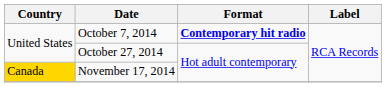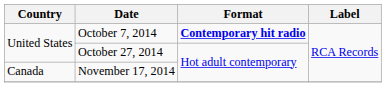 <table class="wikitable">
 <tr>
 <th>Country</th>
 <th>Date</th>
 <th>Format</th>
 <th>Label</th>
 </tr>
 <tr>
 <td rowspan="2">United States</td>
 <td>October 7, 2014</td>
 <td><strong><a href='#'>Contemporary hit radio</a></strong></td>
 <td rowspan="3"><a href='#'>RCA Records</a></td>
 </tr>
 <tr>
 <td>October 27, 2014</td>
 <td rowspan="2"><a href='#'>Hot adult contemporary</a></td>
 </tr>
 <tr>
-<td style="background: gold;">Canada</td>
+<td>Canada</td>
 <td>November 17, 2014</td>
 </tr>
 <tr>
 </tr>
 </table>
